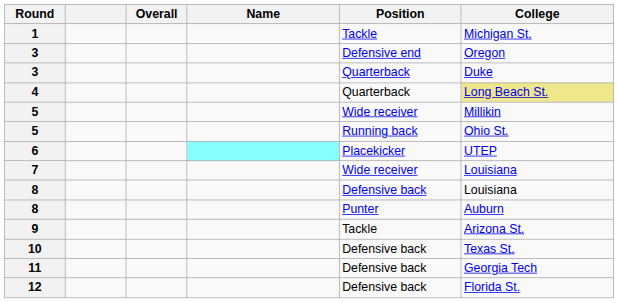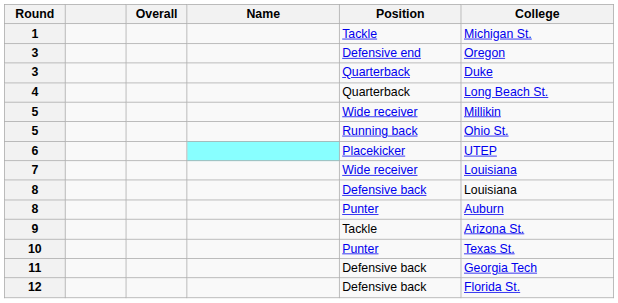 <table class="wikitable sortable" style="width: 50%;">
 <tr>
 <th scope="col" style="width: 10%;">Round</th>
 <th scope="col" style="width: 10%;"></th>
 <th scope="col" style="width: 10%;">Overall</th>
 <th scope="col" style="width: 25%;">Name</th>
 <th scope="col" style="width: 20%;">Position</th>
 <th scope="col" style="width: 25%;">College</th>
 </tr>
 <tr>
 <th scope="row">1</th>
 <td></td>
 <td></td>
 <td></td>
 <td><a href='#'>Tackle</a></td>
 <td><a href='#'>Michigan St.</a></td>
 </tr>
 <tr>
 <th scope="row">3</th>
 <td></td>
 <td></td>
 <td></td>
 <td><a href='#'>Defensive end</a></td>
 <td><a href='#'>Oregon</a></td>
 </tr>
 <tr>
 <th scope="row">3</th>
 <td></td>
 <td></td>
 <td></td>
 <td><a href='#'>Quarterback</a></td>
 <td><a href='#'>Duke</a></td>
 </tr>
 <tr>
 <th scope="row">4</th>
 <td></td>
 <td></td>
 <td></td>
 <td>Quarterback</td>
-<td style="background: khaki;"><a href='#'>Long Beach St.</a></td>
+<td><a href='#'>Long Beach St.</a></td>
 </tr>
 <tr>
 <th scope="row">5</th>
 <td></td>
 <td></td>
 <td></td>
 <td><a href='#'>Wide receiver</a></td>
 <td><a href='#'>Millikin</a></td>
 </tr>
 <tr>
 <th scope="row">5</th>
 <td></td>
 <td></td>
 <td></td>
 <td><a href='#'>Running back</a></td>
 <td><a href='#'>Ohio St.</a></td>
 </tr>
 <tr>
 <th scope="row">6</th>
 <td></td>
 <td></td>
 <td style="background:#88FFFF;"> <sup></sup></td>
 <td><a href='#'>Placekicker</a></td>
 <td><a href='#'>UTEP</a></td>
 </tr>
 <tr>
 <th scope="row">7</th>
 <td></td>
 <td></td>
 <td></td>
 <td><a href='#'>Wide receiver</a></td>
 <td><a href='#'>Louisiana</a></td>
 </tr>
 <tr>
 <th scope="row">8</th>
 <td></td>
 <td></td>
 <td></td>
 <td><a href='#'>Defensive back</a></td>
 <td>Louisiana</td>
 </tr>
 <tr>
 <th scope="row">8</th>
 <td></td>
 <td></td>
 <td></td>
 <td><a href='#'>Punter</a></td>
 <td><a href='#'>Auburn</a></td>
 </tr>
 <tr>
 <th scope="row">9</th>
 <td></td>
 <td></td>
 <td></td>
 <td>Tackle</td>
 <td><a href='#'>Arizona St.</a></td>
 </tr>
 <tr>
 <th scope="row">10</th>
 <td></td>
 <td></td>
 <td></td>
-<td>Defensive back</td>
+<td><a href='#'>Punter</a></td>
 <td><a href='#'>Texas St.</a></td>
 </tr>
 <tr>
 <th scope="row">11</th>
 <td></td>
 <td></td>
 <td></td>
 <td>Defensive back</td>
 <td><a href='#'>Georgia Tech</a></td>
 </tr>
 <tr>
 <th scope="row">12</th>
 <td></td>
 <td></td>
 <td></td>
 <td>Defensive back</td>
 <td><a href='#'>Florida St.</a></td>
 </tr>
 </table>
